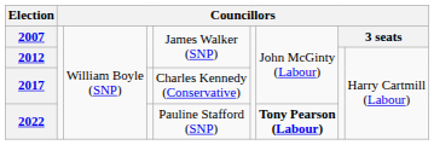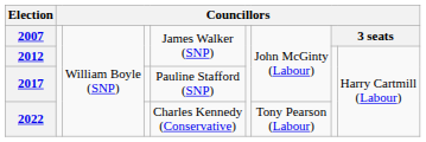 <table class="wikitable" style="text-align:center">
 <tr>
 <th>Election</th>
 <th colspan=8>Councillors</th>
 </tr>
 <tr>
 <th><a href='#'>2007</a></th>
 <td rowspan=4; style="background-color: "></td>
 <td rowspan=4>William Boyle<br>(<a href='#'>SNP</a>)</td>
 <td rowspan=2; style="background-color: "></td>
 <td rowspan=2>James Walker<br>(<a href='#'>SNP</a>)</td>
 <td rowspan=4; style="background-color: "></td>
 <td rowspan=3>John McGinty<br>(<a href='#'>Labour</a>)</td>
 <th colspan=2>3 seats</th>
 </tr>
 <tr>
 <th><a href='#'>2012</a></th>
 <td rowspan=3; style="background-color: "></td>
 <td rowspan=3>Harry Cartmill<br>(<a href='#'>Labour</a>)</td>
 </tr>
 <tr>
 <th><a href='#'>2017</a></th>
 <td rowspan=1; style="background-color: "></td>
-<td rowspan=1>Charles Kennedy<br>(<a href='#'>Conservative</a>)</td>
+<td rowspan=1>Pauline Stafford<br>(<a href='#'>SNP</a>)</td>
 </tr>
 <tr>
 <th><a href='#'>2022</a></th>
 <td rowspan=1; style="background-color: "></td>
-<td rowspan=1>Pauline Stafford<br>(<a href='#'>SNP</a>)</td>
-<td rowspan=1><strong>Tony Pearson<br>(<a href='#'>Labour</a>)</strong></td>
+<td rowspan=1>Charles Kennedy<br>(<a href='#'>Conservative</a>)</td>
+<td rowspan=1>Tony Pearson<br>(<a href='#'>Labour</a>)</td>
 </tr>
 </table>
